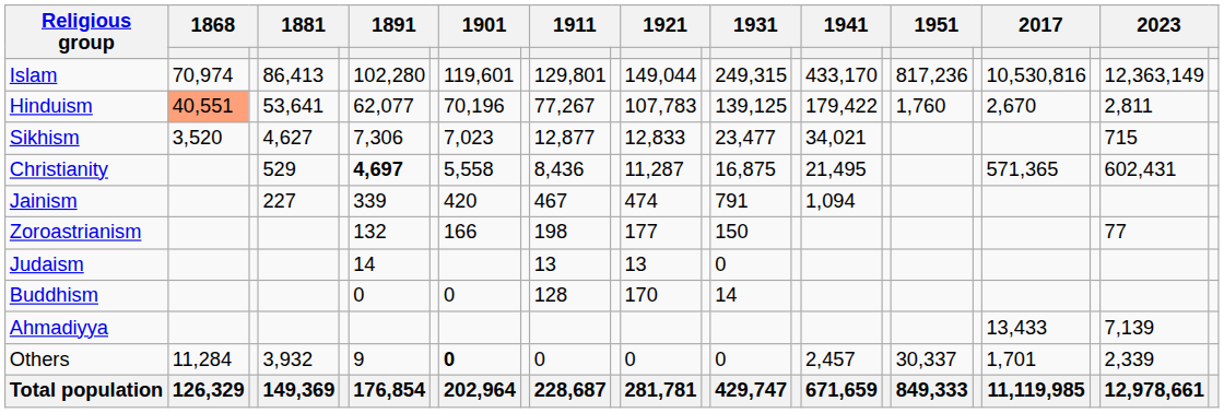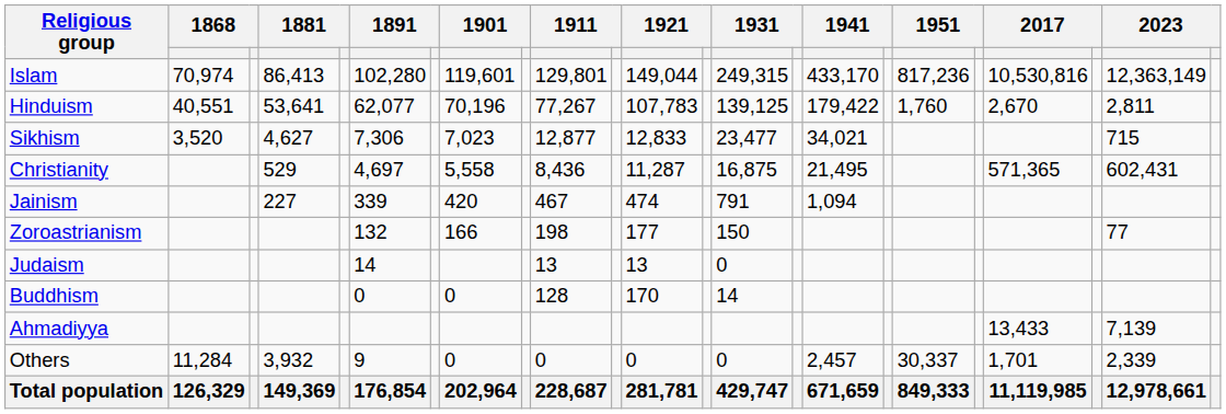 <table class="wikitable collapsible sortable">
 <tr>
 <th rowspan="2"><a href='#'>Religious</a><br>group</th>
 <th colspan="2">1868</th>
 <th colspan="2">1881</th>
 <th colspan="2">1891</th>
 <th colspan="2">1901</th>
 <th colspan="2">1911</th>
 <th colspan="2">1921</th>
 <th colspan="2">1931</th>
 <th colspan="2">1941</th>
 <th colspan="2">1951</th>
 <th colspan="2">2017</th>
 <th colspan="2">2023</th>
 </tr>
 <tr>
 <th><a href='#'></a></th>
 <th></th>
 <th></th>
 <th></th>
 <th></th>
 <th></th>
 <th></th>
 <th></th>
 <th></th>
 <th></th>
 <th></th>
 <th></th>
 <th></th>
 <th></th>
 <th></th>
 <th></th>
 <th></th>
 <th></th>
 <th></th>
 <th></th>
 <th></th>
 <th></th>
 </tr>
 <tr>
 <td><a href='#'>Islam</a> </td>
 <td>70,974</td>
 <td></td>
 <td>86,413</td>
 <td></td>
 <td>102,280</td>
 <td></td>
 <td>119,601</td>
 <td></td>
 <td>129,801</td>
 <td></td>
 <td>149,044</td>
 <td></td>
 <td>249,315</td>
 <td></td>
 <td>433,170</td>
 <td></td>
 <td>817,236</td>
 <td></td>
 <td>10,530,816</td>
 <td></td>
 <td>12,363,149</td>
 <td></td>
 </tr>
 <tr>
 <td><a href='#'>Hinduism</a> </td>
-<td style="background: lightsalmon;">40,551</td>
+<td>40,551</td>
 <td></td>
 <td>53,641</td>
 <td></td>
 <td>62,077</td>
 <td></td>
 <td>70,196</td>
 <td></td>
 <td>77,267</td>
 <td></td>
 <td>107,783</td>
 <td></td>
 <td>139,125</td>
 <td></td>
 <td>179,422</td>
 <td></td>
 <td>1,760</td>
 <td></td>
 <td>2,670</td>
 <td></td>
 <td>2,811</td>
 <td></td>
 </tr>
 <tr>
 <td><a href='#'>Sikhism</a> </td>
 <td>3,520</td>
 <td></td>
 <td>4,627</td>
 <td></td>
 <td>7,306</td>
 <td></td>
 <td>7,023</td>
 <td></td>
 <td>12,877</td>
 <td></td>
 <td>12,833</td>
 <td></td>
 <td>23,477</td>
 <td></td>
 <td>34,021</td>
 <td></td>
 <td></td>
 <td></td>
 <td></td>
 <td></td>
 <td>715</td>
 <td></td>
 </tr>
 <tr>
 <td><a href='#'>Christianity</a> </td>
 <td></td>
 <td></td>
 <td>529</td>
 <td></td>
-<td><strong>4,697</strong></td>
+<td>4,697</td>
 <td></td>
 <td>5,558</td>
 <td></td>
 <td>8,436</td>
 <td></td>
 <td>11,287</td>
 <td></td>
 <td>16,875</td>
 <td></td>
 <td>21,495</td>
 <td></td>
 <td></td>
 <td></td>
 <td>571,365</td>
 <td></td>
 <td>602,431</td>
 <td></td>
 </tr>
 <tr>
 <td><a href='#'>Jainism</a> </td>
 <td></td>
 <td></td>
 <td>227</td>
 <td></td>
 <td>339</td>
 <td></td>
 <td>420</td>
 <td></td>
 <td>467</td>
 <td></td>
 <td>474</td>
 <td></td>
 <td>791</td>
 <td></td>
 <td>1,094</td>
 <td></td>
 <td></td>
 <td></td>
 <td></td>
 <td></td>
 <td></td>
 <td></td>
 </tr>
 <tr>
 <td><a href='#'>Zoroastrianism</a> </td>
 <td></td>
 <td></td>
 <td></td>
 <td></td>
 <td>132</td>
 <td></td>
 <td>166</td>
 <td></td>
 <td>198</td>
 <td></td>
 <td>177</td>
 <td></td>
 <td>150</td>
 <td></td>
 <td></td>
 <td></td>
 <td></td>
 <td></td>
 <td></td>
 <td></td>
 <td>77</td>
 <td></td>
 </tr>
 <tr>
 <td><a href='#'>Judaism</a> </td>
 <td></td>
 <td></td>
 <td></td>
 <td></td>
 <td>14</td>
 <td></td>
 <td></td>
 <td></td>
 <td>13</td>
 <td></td>
 <td>13</td>
 <td></td>
 <td>0</td>
 <td></td>
 <td></td>
 <td></td>
 <td></td>
 <td></td>
 <td></td>
 <td></td>
 <td></td>
 <td></td>
 </tr>
 <tr>
 <td><a href='#'>Buddhism</a> </td>
 <td></td>
 <td></td>
 <td></td>
 <td></td>
 <td>0</td>
 <td></td>
 <td>0</td>
 <td></td>
 <td>128</td>
 <td></td>
 <td>170</td>
 <td></td>
 <td>14</td>
 <td></td>
 <td></td>
 <td></td>
 <td></td>
 <td></td>
 <td></td>
 <td></td>
 <td></td>
 <td></td>
 </tr>
 <tr>
 <td><a href='#'>Ahmadiyya</a> </td>
 <td></td>
 <td></td>
 <td></td>
 <td></td>
 <td></td>
 <td></td>
 <td></td>
 <td></td>
 <td></td>
 <td></td>
 <td></td>
 <td></td>
 <td></td>
 <td></td>
 <td></td>
 <td></td>
 <td></td>
 <td></td>
 <td>13,433</td>
 <td></td>
 <td>7,139</td>
 <td></td>
 </tr>
 <tr>
 <td>Others</td>
 <td>11,284</td>
 <td></td>
 <td>3,932</td>
 <td></td>
 <td>9</td>
 <td></td>
-<td><strong>0</strong></td>
+<td>0</td>
 <td></td>
 <td>0</td>
 <td></td>
 <td>0</td>
 <td></td>
 <td>0</td>
 <td></td>
 <td>2,457</td>
 <td></td>
 <td>30,337</td>
 <td></td>
 <td>1,701</td>
 <td></td>
 <td>2,339</td>
 <td></td>
 </tr>
 <tr>
 <th>Total population</th>
 <th>126,329</th>
 <th></th>
 <th>149,369</th>
 <th></th>
 <th>176,854</th>
 <th></th>
 <th>202,964</th>
 <th></th>
 <th>228,687</th>
 <th></th>
 <th>281,781</th>
 <th></th>
 <th>429,747</th>
 <th></th>
 <th>671,659</th>
 <th></th>
 <th>849,333</th>
 <th></th>
 <th>11,119,985</th>
 <th></th>
 <th>12,978,661</th>
 <th></th>
 </tr>
 </table>
